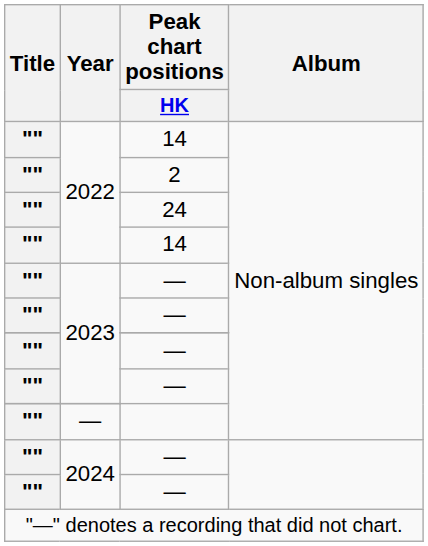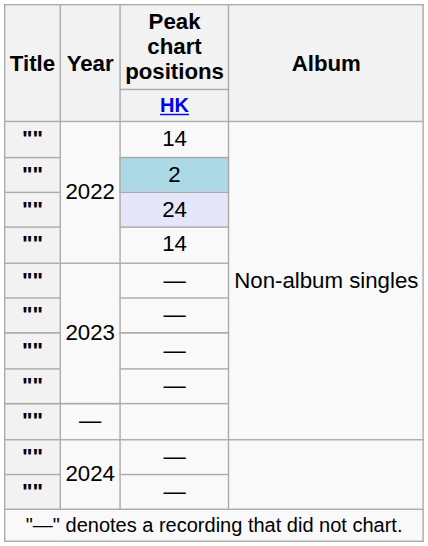 <table class="wikitable plainrowheaders" style="text-align:center;">
 <tr>
 <th rowspan="2">Title</th>
 <th rowspan="2">Year</th>
 <th>Peak chart positions</th>
 <th rowspan="2">Album</th>
 </tr>
 <tr>
 <th scope="col" style="width:3em;font-size:90%;"><a href='#'>HK</a><br></th>
 </tr>
 <tr>
 <th scope="row">""</th>
 <td rowspan="4">2022</td>
 <td>14</td>
 <td rowspan="11">Non-album singles</td>
 </tr>
 <tr>
 <th scope="row">""</th>
-<td>2</td>
+<td style="background: lightblue;">2</td>
 </tr>
 <tr>
 <th scope="row">""</th>
-<td>24</td>
+<td style="background: lavender;">24</td>
 </tr>
 <tr>
 <th scope="row">""</th>
 <td>14</td>
 </tr>
 <tr>
 <th scope="row">""</th>
 <td rowspan=5>2023</td>
 <td>—</td>
 </tr>
 <tr>
 <th scope="row">""</th>
 <td>—</td>
 </tr>
 <tr>
 </tr>
 <tr>
 <th scope="row">""</th>
 <td>—</td>
 </tr>
 <tr>
 <th scope="row">""</th>
 <td>—</td>
 </tr>
 <tr>
 </tr>
 <tr>
 <th scope="row">""</th>
 <td>—</td>
 </tr>
 <tr>
 <th scope="row">""</th>
 <td rowspan=2>2024</td>
 <td>—</td>
 </tr>
 <tr>
 <th scope="row">""</th>
 <td>—</td>
 </tr>
 <tr>
 <td colspan="4" style="font-size:90%">"—" denotes a recording that did not chart.</td>
 </tr>
 </table>
